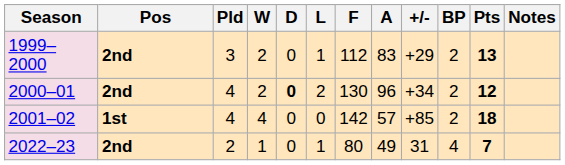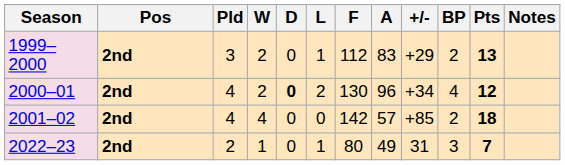 <table class="wikitable">
 <tr border=1 cellpadding=5 cellspacing=0>
 <th style="width:80px;">Season</th>
 <th style="width:100px;">Pos</th>
 <th style="width:20px;">Pld</th>
 <th style="width:20px;">W</th>
 <th style="width:20px;">D</th>
 <th style="width:20px;">L</th>
 <th style="width:20px;">F</th>
 <th style="width:20px;">A</th>
 <th style="width:25px;">+/-</th>
 <th style="width:20px;">BP</th>
 <th style="width:20px;">Pts</th>
 <th>Notes<br></th>
 </tr>
 <tr align=center>
 <td style="text-align:left; background:#F4DDE7;"><a href='#'>1999–2000</a></td>
 <td style="text-align:left; background:#ffe6bd;"><strong>2nd</strong></td>
 <td style="background:#ffe6bd;">3</td>
 <td style="background:#ffe6bd;">2</td>
 <td style="background:#ffe6bd;">0</td>
 <td style="background:#ffe6bd;">1</td>
 <td style="background:#ffe6bd;">112</td>
 <td style="background:#ffe6bd;">83</td>
 <td style="background:#ffe6bd;">+29</td>
 <td style="background:#ffe6bd;">2</td>
 <td style="background:#ffe6bd;"><strong>13</strong></td>
 <td style="background:#ffe6bd;"><br> </td>
 </tr>
 <tr align=center>
 <td style="text-align:left; background:#F4DDE7;"><a href='#'>2000–01</a></td>
 <td style="text-align:left; background:#ffe6bd;"><strong>2nd</strong></td>
 <td style="background:#ffe6bd;">4</td>
 <td style="background:#ffe6bd;">2</td>
 <td style="background:#ffe6bd;"><strong>0</strong></td>
 <td style="background:#ffe6bd;">2</td>
 <td style="background:#ffe6bd;">130</td>
 <td style="background:#ffe6bd;">96</td>
 <td style="background:#ffe6bd;">+34</td>
-<td style="background:#ffe6bd;">2</td>
+<td style="background:#ffe6bd;">4</td>
 <td style="background:#ffe6bd;"><strong>12</strong></td>
 <td style="background:#ffe6bd;"><br> </td>
 </tr>
 <tr align=center>
 <td style="text-align:left; background:#F4DDE7;"><a href='#'>2001–02</a></td>
-<td style="text-align:left; background:#ffe6bd;"><strong>1st</strong></td>
+<td style="text-align:left; background:#ffe6bd;"><strong>2nd</strong></td>
 <td style="background:#ffe6bd;">4</td>
 <td style="background:#ffe6bd;">4</td>
 <td style="background:#ffe6bd;">0</td>
 <td style="background:#ffe6bd;">0</td>
 <td style="background:#ffe6bd;">142</td>
 <td style="background:#ffe6bd;">57</td>
 <td style="background:#ffe6bd;">+85</td>
 <td style="background:#ffe6bd;">2</td>
 <td style="background:#ffe6bd;"><strong>18</strong></td>
 <td style="background:#ffe6bd;"><br> </td>
 </tr>
 <tr align=center>
 <td style="text-align:left; background:#F4DDE7;"><a href='#'>2022–23</a></td>
 <td style="text-align:left; background:#ffe6bd;"><strong>2nd</strong></td>
 <td style="background:#ffe6bd;">2</td>
 <td style="background:#ffe6bd;">1</td>
 <td style="background:#ffe6bd;">0</td>
 <td style="background:#ffe6bd;">1</td>
 <td style="background:#ffe6bd;">80</td>
 <td style="background:#ffe6bd;">49</td>
 <td style="background:#ffe6bd;">31</td>
-<td style="background:#ffe6bd;">4</td>
+<td style="background:#ffe6bd;">3</td>
 <td style="background:#ffe6bd;"><strong>7</strong></td>
 <td style="background:#ffe6bd;"><br></td>
 </tr>
 </table>
